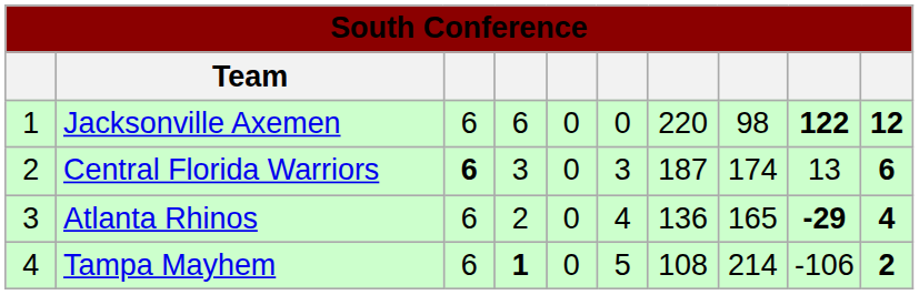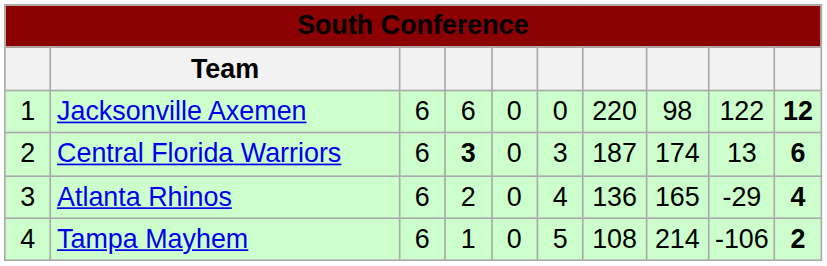 <table class="wikitable" style="text-align:center;">
 <tr>
 <td bgcolor=darkred align="center" colspan="10"><strong><span>South Conference</span></strong></td>
 </tr>
 <tr>
 <th width="20"></th>
 <th width="200">Team</th>
 <th width="20"></th>
 <th width="20"></th>
 <th width="20"></th>
 <th width="20"></th>
 <th width="30"></th>
 <th width="30"></th>
 <th width="30"></th>
 <th width="20"></th>
 </tr>
 <tr style="background: #ccffcc;">
 <td>1</td>
 <td style="text-align:left;"> <a href='#'>Jacksonville Axemen</a></td>
 <td>6</td>
 <td>6</td>
 <td>0</td>
 <td>0</td>
 <td>220</td>
 <td>98</td>
-<td><strong>122</strong></td>
+<td>122</td>
 <td><strong>12</strong></td>
 </tr>
 <tr style="background: #ccffcc;">
 <td>2</td>
 <td style="text-align:left;"> <a href='#'>Central Florida Warriors</a></td>
-<td><strong>6</strong></td>
-<td>3</td>
+<td>6</td>
+<td><strong>3</strong></td>
 <td>0</td>
 <td>3</td>
 <td>187</td>
 <td>174</td>
 <td>13</td>
 <td><strong>6</strong></td>
 </tr>
 <tr style="background: #ccffcc;">
 <td>3</td>
 <td style="text-align:left;"> <a href='#'>Atlanta Rhinos</a></td>
 <td>6</td>
 <td>2</td>
 <td>0</td>
 <td>4</td>
 <td>136</td>
 <td>165</td>
-<td><strong>-29</strong></td>
+<td>-29</td>
 <td><strong>4</strong></td>
 </tr>
 <tr style="background: #ccffcc;">
 <td>4</td>
 <td style="text-align:left;"> <a href='#'>Tampa Mayhem</a></td>
 <td>6</td>
-<td><strong>1</strong></td>
+<td>1</td>
 <td>0</td>
 <td>5</td>
 <td>108</td>
 <td>214</td>
 <td>-106</td>
 <td><strong>2</strong></td>
 </tr>
 </table>
